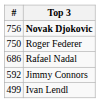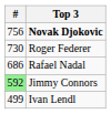 <table class="wikitable" style="display:inline-table;">
 <tr>
 <th>#</th>
 <th>Top 3</th>
 </tr>
 <tr>
 <td>756</td>
 <td> <strong>Novak Djokovic</strong></td>
 </tr>
 <tr>
-<td>750</td>
+<td>730</td>
 <td> Roger Federer</td>
 </tr>
 <tr>
 <td>686</td>
 <td> Rafael Nadal</td>
 </tr>
 <tr>
-<td>592</td>
+<td style="background: lightgreen;">592</td>
 <td> Jimmy Connors</td>
 </tr>
 <tr>
 <td>499</td>
 <td> Ivan Lendl</td>
 </tr>
 </table>
